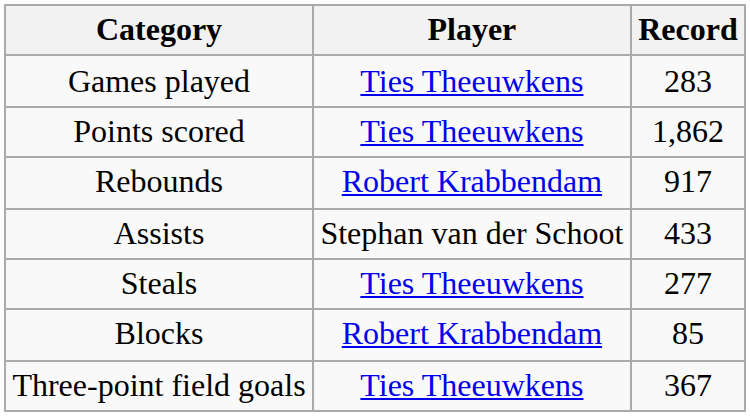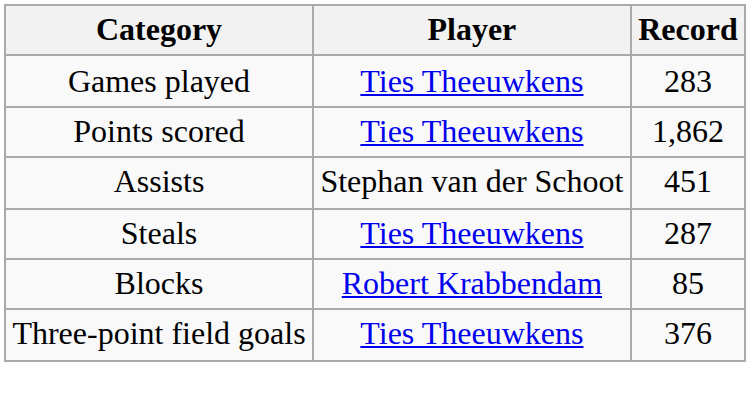 <table class="wikitable" style="text-align:center;">
 <tr>
 </tr>
 <tr>
 <th style="text-align:center; ">Category</th>
 <th style="text-align:center; ">Player</th>
 <th style="text-align:center; ">Record</th>
 </tr>
 <tr>
 <td>Games played</td>
 <td><a href='#'>Ties Theeuwkens</a></td>
 <td>283</td>
 </tr>
 <tr>
 <td>Points scored</td>
 <td><a href='#'>Ties Theeuwkens</a></td>
 <td>1,862</td>
 </tr>
 <tr>
-<td>Rebounds</td>
-<td><a href='#'>Robert Krabbendam</a></td>
-<td>917</td>
-</tr>
-<tr>
 <td>Assists</td>
 <td>Stephan van der Schoot</td>
-<td>433</td>
+<td>451</td>
 </tr>
 <tr>
 <td>Steals</td>
 <td><a href='#'>Ties Theeuwkens</a></td>
-<td>277</td>
+<td>287</td>
 </tr>
 <tr>
 <td>Blocks</td>
 <td><a href='#'>Robert Krabbendam</a></td>
 <td>85</td>
 </tr>
 <tr>
 <td>Three-point field goals</td>
 <td><a href='#'>Ties Theeuwkens</a></td>
-<td>367</td>
+<td>376</td>
 </tr>
 </table>
